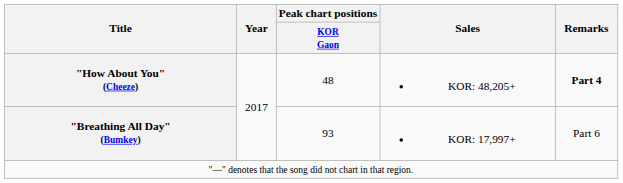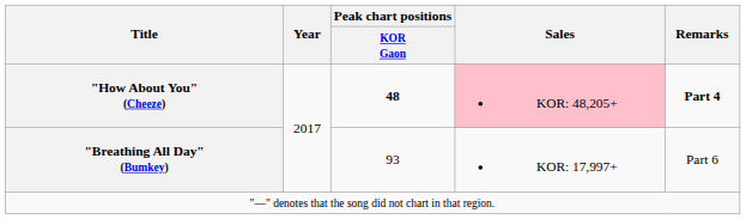 <table class="wikitable plainrowheaders" style="text-align:center;" border="1">
 <tr>
 <th scope="col" rowspan="2" style="width:20em;">Title</th>
 <th scope="col" rowspan="2" style="width:3em;">Year</th>
 <th scope="col" colspan="1">Peak chart positions</th>
 <th scope="col" rowspan="2" style="width:15em;">Sales</th>
 <th scope="col" rowspan="2" style="width:5em;">Remarks</th>
 </tr>
 <tr>
 <th><small><a href='#'>KOR</a></small><br><small><a href='#'>Gaon</a></small></th>
 </tr>
 <tr>
 <th scope="row">"How About You"<br><small>(<a href='#'>Cheeze</a>)</small></th>
 <td rowspan="2">2017</td>
-<td>48</td>
-<td><br><ul><li>KOR: 48,205+</li></ul></td>
+<td><strong>48</strong></td>
+<td style="background: pink;"><br><ul><li>KOR: 48,205+</li></ul></td>
 <td><strong>Part 4</strong></td>
 </tr>
 <tr>
 <th scope="row">"Breathing All Day"<br><small>(<a href='#'>Bumkey</a>)</small></th>
 <td>93</td>
 <td><br><ul><li>KOR: 17,997+</li></ul></td>
 <td>Part 6</td>
 </tr>
 <tr>
 <td colspan="5"><small>"—" denotes that the song did not chart in that region.</small></td>
 </tr>
 </table>
